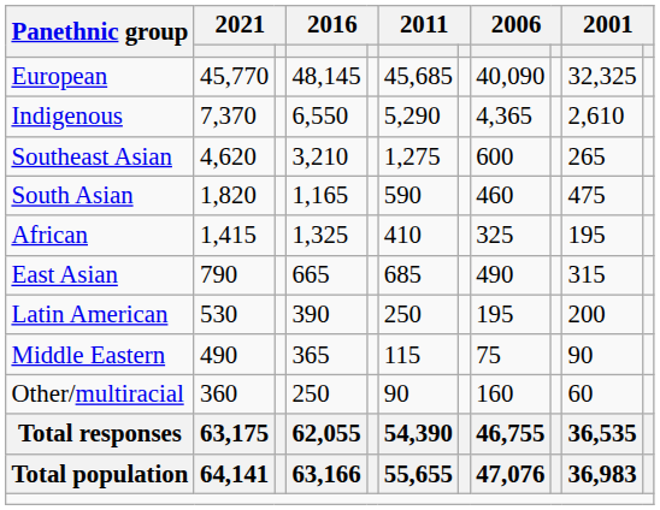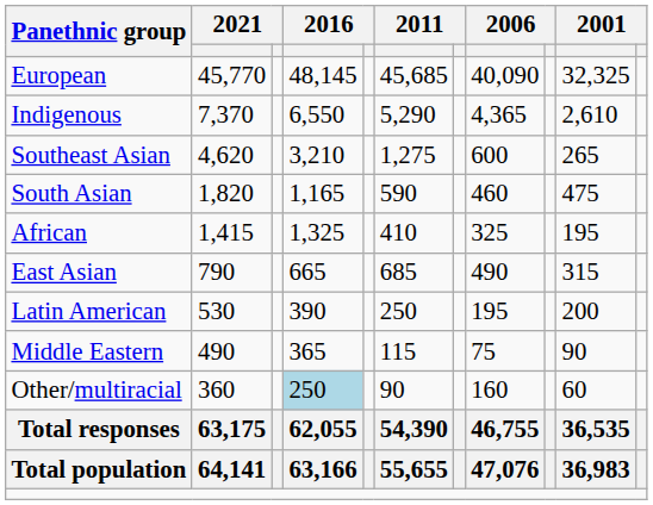 <table class="wikitable collapsible sortable">
 <tr>
 <th rowspan="2"><a href='#'>Panethnic</a> group</th>
 <th colspan="2">2021</th>
 <th colspan="2">2016</th>
 <th colspan="2">2011</th>
 <th colspan="2">2006</th>
 <th colspan="2">2001</th>
 </tr>
 <tr>
 <th><a href='#'></a></th>
 <th></th>
 <th></th>
 <th></th>
 <th></th>
 <th></th>
 <th></th>
 <th></th>
 <th></th>
 <th></th>
 </tr>
 <tr>
 <td><a href='#'>European</a></td>
 <td>45,770</td>
 <td></td>
 <td>48,145</td>
 <td></td>
 <td>45,685</td>
 <td></td>
 <td>40,090</td>
 <td></td>
 <td>32,325</td>
 <td></td>
 </tr>
 <tr>
 <td><a href='#'>Indigenous</a></td>
 <td>7,370</td>
 <td></td>
 <td>6,550</td>
 <td></td>
 <td>5,290</td>
 <td></td>
 <td>4,365</td>
 <td></td>
 <td>2,610</td>
 <td></td>
 </tr>
 <tr>
 <td><a href='#'>Southeast Asian</a></td>
 <td>4,620</td>
 <td></td>
 <td>3,210</td>
 <td></td>
 <td>1,275</td>
 <td></td>
 <td>600</td>
 <td></td>
 <td>265</td>
 <td></td>
 </tr>
 <tr>
 <td><a href='#'>South Asian</a></td>
 <td>1,820</td>
 <td></td>
 <td>1,165</td>
 <td></td>
 <td>590</td>
 <td></td>
 <td>460</td>
 <td></td>
 <td>475</td>
 <td></td>
 </tr>
 <tr>
 <td><a href='#'>African</a></td>
 <td>1,415</td>
 <td></td>
 <td>1,325</td>
 <td></td>
 <td>410</td>
 <td></td>
 <td>325</td>
 <td></td>
 <td>195</td>
 <td></td>
 </tr>
 <tr>
 <td><a href='#'>East Asian</a></td>
 <td>790</td>
 <td></td>
 <td>665</td>
 <td></td>
 <td>685</td>
 <td></td>
 <td>490</td>
 <td></td>
 <td>315</td>
 <td></td>
 </tr>
 <tr>
 <td><a href='#'>Latin American</a></td>
 <td>530</td>
 <td></td>
 <td>390</td>
 <td></td>
 <td>250</td>
 <td></td>
 <td>195</td>
 <td></td>
 <td>200</td>
 <td></td>
 </tr>
 <tr>
 <td><a href='#'>Middle Eastern</a></td>
 <td>490</td>
 <td></td>
 <td>365</td>
 <td></td>
 <td>115</td>
 <td></td>
 <td>75</td>
 <td></td>
 <td>90</td>
 <td></td>
 </tr>
 <tr>
 <td>Other/<a href='#'>multiracial</a></td>
 <td>360</td>
 <td></td>
-<td>250</td>
+<td style="background: lightblue;">250</td>
 <td></td>
 <td>90</td>
 <td></td>
 <td>160</td>
 <td></td>
 <td>60</td>
 <td></td>
 </tr>
 <tr>
 <th>Total responses</th>
 <th>63,175</th>
 <th></th>
 <th>62,055</th>
 <th></th>
 <th>54,390</th>
 <th></th>
 <th>46,755</th>
 <th></th>
 <th>36,535</th>
 <th></th>
 </tr>
 <tr class="sortbottom">
 <th>Total population</th>
 <th>64,141</th>
 <th></th>
 <th>63,166</th>
 <th></th>
 <th>55,655</th>
 <th></th>
 <th>47,076</th>
 <th></th>
 <th>36,983</th>
 <th></th>
 </tr>
 <tr class="sortbottom">
 <td colspan="11"></td>
 </tr>
 </table>
